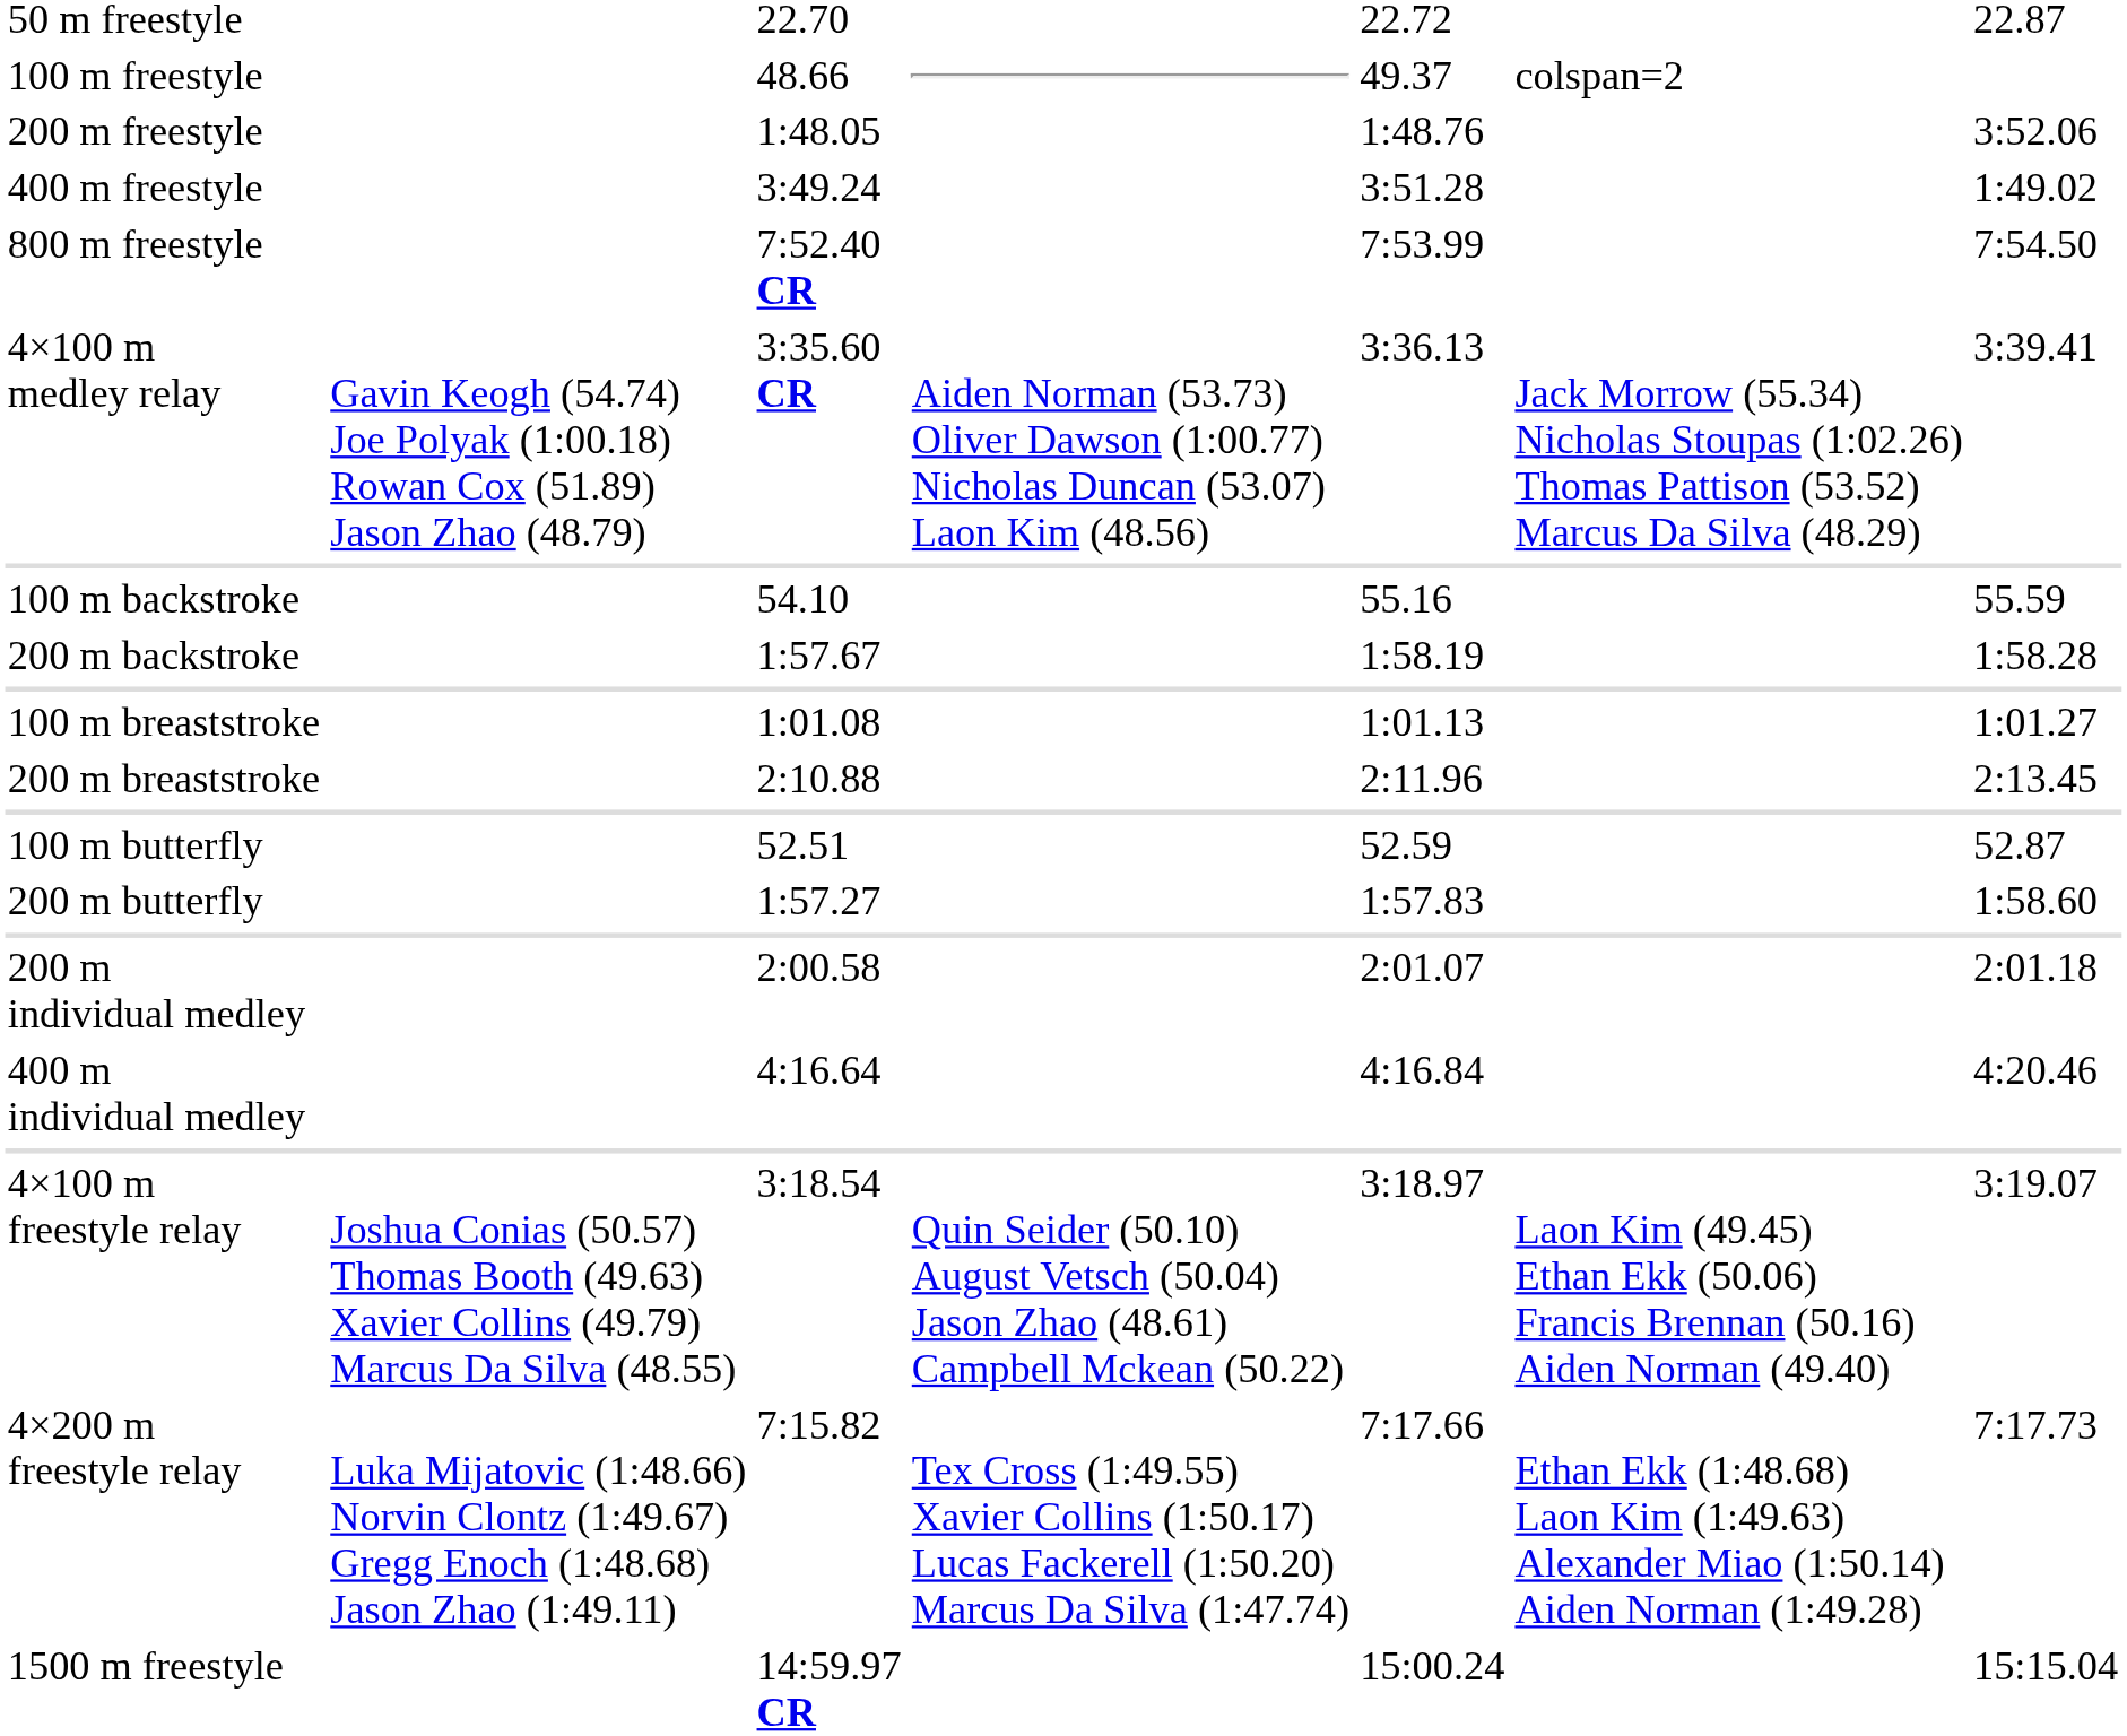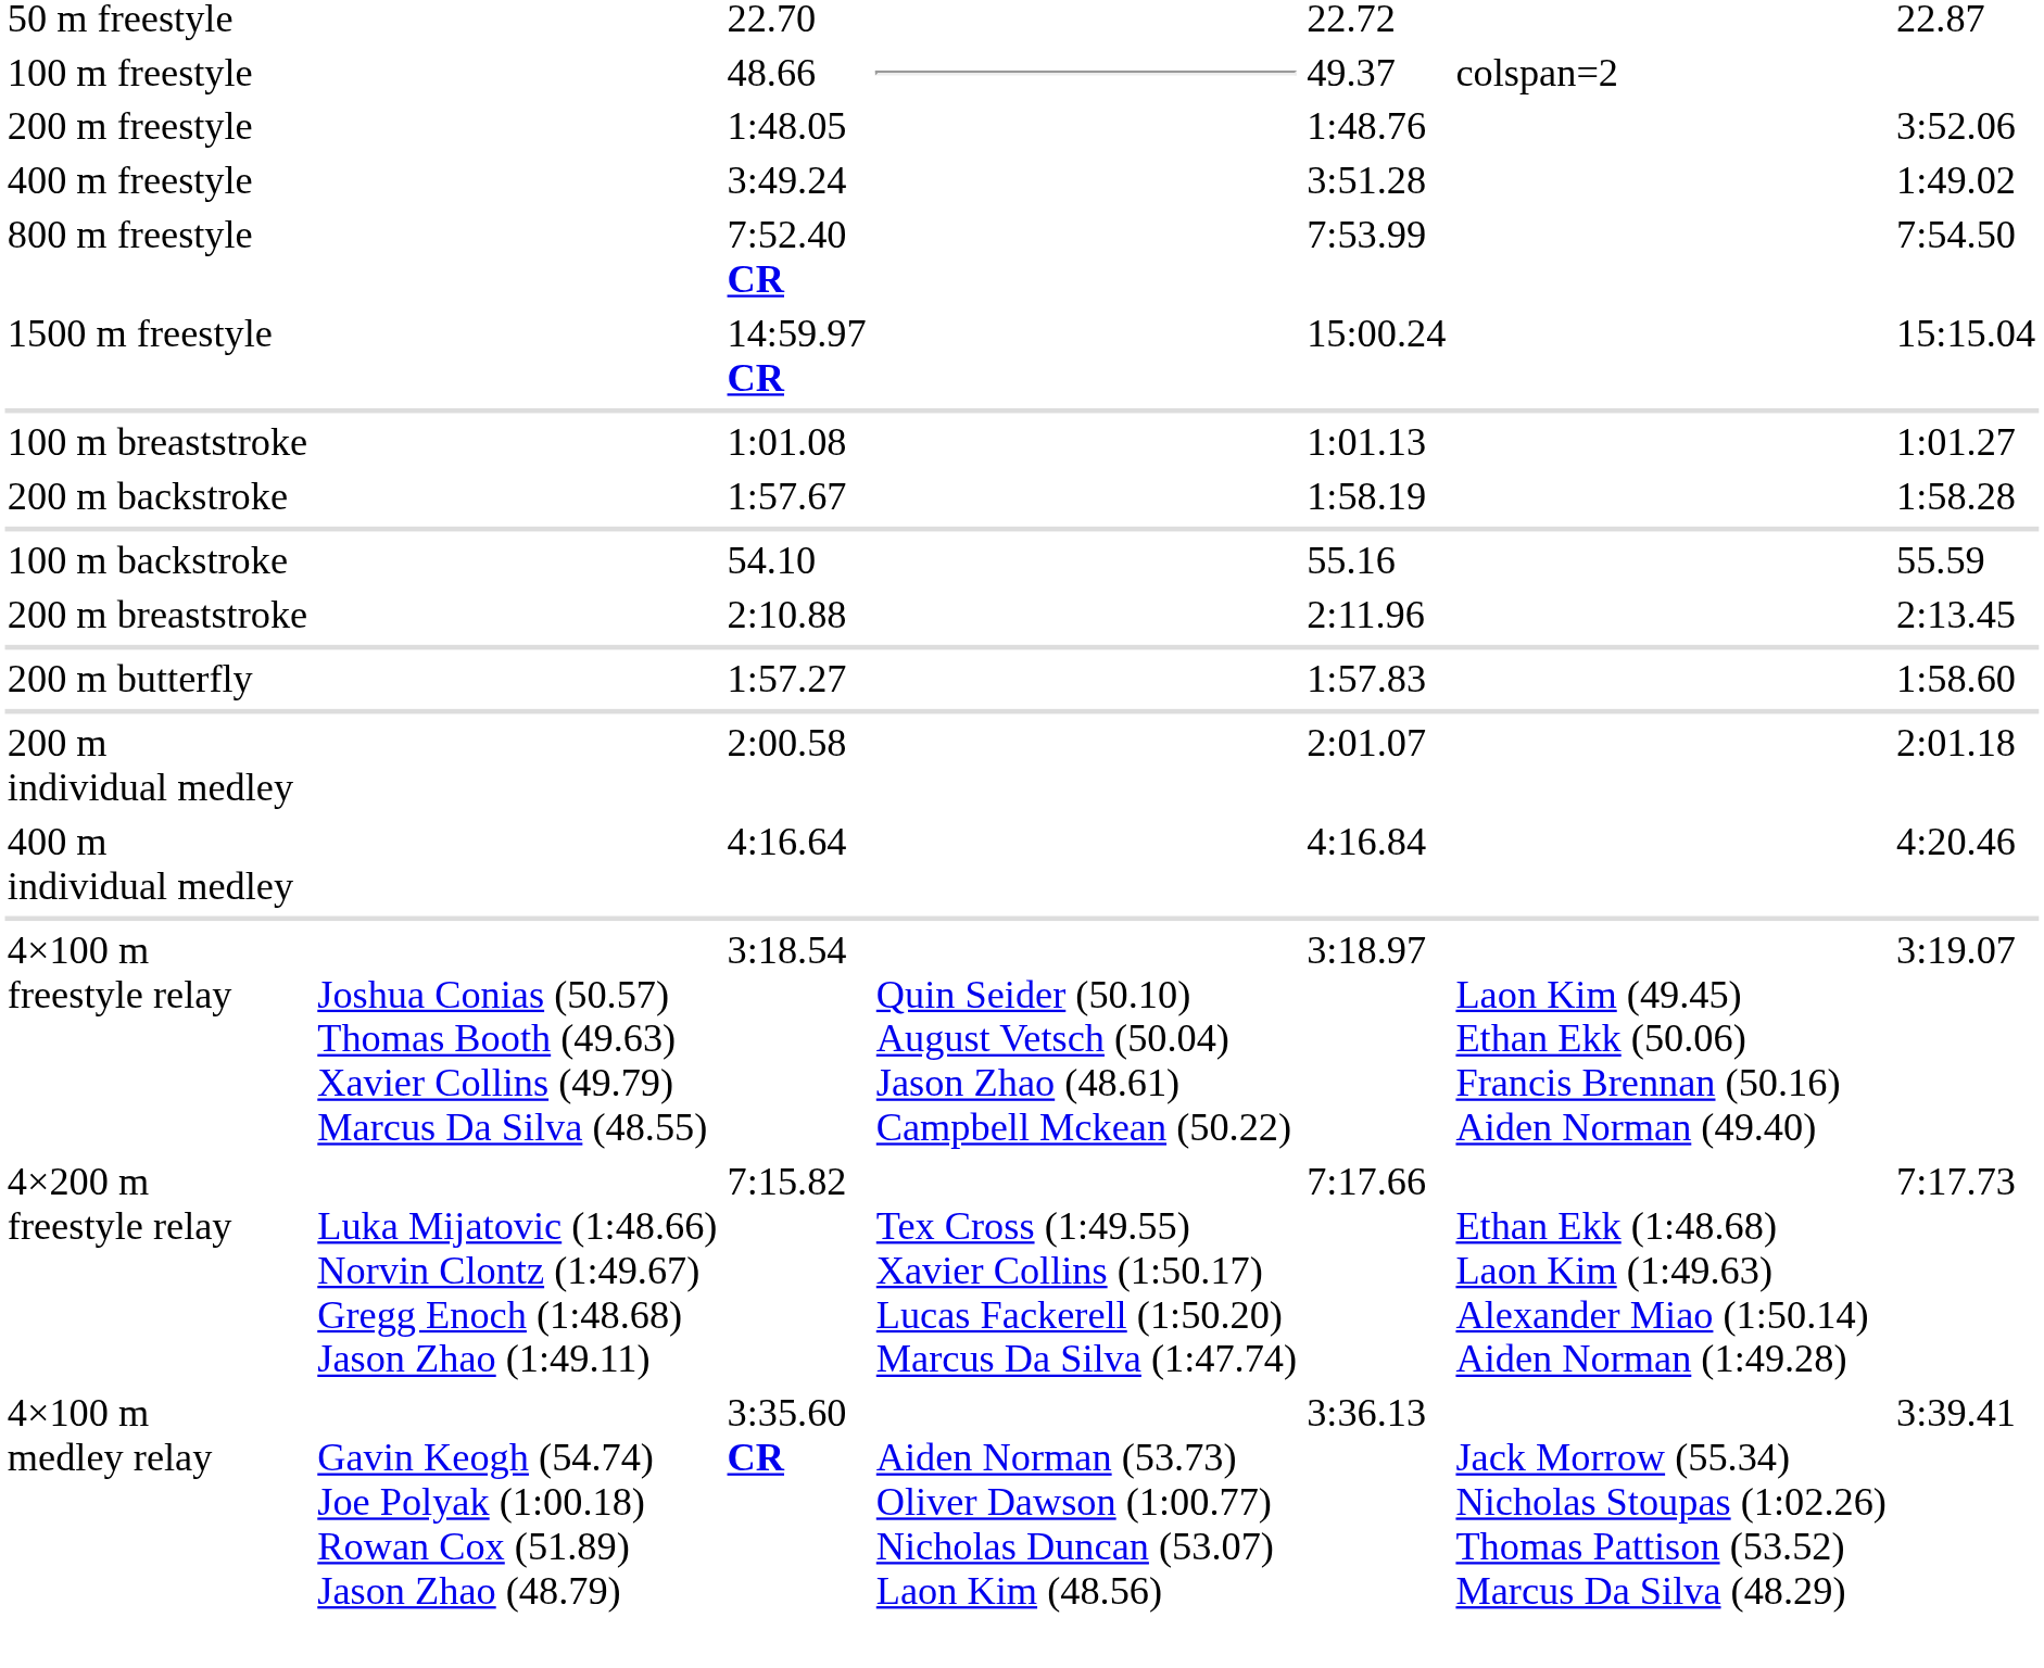 <table>
 <tr valign="top">
 <td>50 m freestyle</td>
 <td></td>
 <td>22.70</td>
 <td></td>
 <td>22.72</td>
 <td></td>
 <td>22.87</td>
 </tr>
 <tr valign="top">
 <td>100 m freestyle</td>
 <td></td>
 <td>48.66</td>
 <td><hr></td>
 <td>49.37</td>
 <td>colspan=2 </td>
 </tr>
 <tr valign="top">
 <td>200 m freestyle</td>
 <td></td>
 <td>1:48.05</td>
 <td></td>
 <td>1:48.76</td>
 <td></td>
 <td>3:52.06</td>
 </tr>
 <tr valign="top">
 <td>400 m freestyle</td>
 <td></td>
 <td>3:49.24</td>
 <td></td>
 <td>3:51.28</td>
 <td></td>
 <td>1:49.02</td>
 </tr>
 <tr valign="top">
 <td>800 m freestyle</td>
 <td></td>
 <td>7:52.40<br><strong><a href='#'>CR</a></strong></td>
 <td></td>
 <td>7:53.99</td>
 <td></td>
 <td>7:54.50</td>
 </tr>
 <tr valign="top">
-<td>4×100 m<br>medley relay</td>
-<td><br><a href='#'>Gavin Keogh</a> (54.74)<br><a href='#'>Joe Polyak</a> (1:00.18)<br><a href='#'>Rowan Cox</a> (51.89)<br><a href='#'>Jason Zhao</a> (48.79)</td>
-<td>3:35.60<br><strong><a href='#'>CR</a></strong></td>
-<td><br><a href='#'>Aiden Norman</a> (53.73)<br><a href='#'>Oliver Dawson</a> (1:00.77)<br><a href='#'>Nicholas Duncan</a> (53.07)<br><a href='#'>Laon Kim</a> (48.56)</td>
-<td>3:36.13</td>
-<td><br><a href='#'>Jack Morrow</a> (55.34)<br><a href='#'>Nicholas Stoupas</a> (1:02.26)<br><a href='#'>Thomas Pattison</a> (53.52)<br><a href='#'>Marcus Da Silva</a> (48.29)</td>
-<td>3:39.41</td>
+<td>1500 m freestyle</td>
+<td></td>
+<td>14:59.97<br><strong><a href='#'>CR</a></strong></td>
+<td></td>
+<td>15:00.24</td>
+<td></td>
+<td>15:15.04</td>
+</tr>
+<tr bgcolor=#DDDDDD>
+<td colspan=7></td>
+</tr>
+<tr valign="top">
+<td>100 m breaststroke</td>
+<td></td>
+<td>1:01.08</td>
+<td></td>
+<td>1:01.13</td>
+<td></td>
+<td>1:01.27</td>
+</tr>
+<tr valign="top">
+<td>200 m backstroke</td>
+<td></td>
+<td>1:57.67</td>
+<td></td>
+<td>1:58.19</td>
+<td></td>
+<td>1:58.28</td>
 </tr>
 <tr bgcolor=#DDDDDD>
 <td colspan=7></td>
 </tr>
 <tr valign="top">
 <td>100 m backstroke</td>
 <td></td>
 <td>54.10</td>
 <td></td>
 <td>55.16</td>
 <td></td>
 <td>55.59</td>
 </tr>
 <tr valign="top">
-<td>200 m backstroke</td>
-<td></td>
-<td>1:57.67</td>
-<td></td>
-<td>1:58.19</td>
-<td></td>
-<td>1:58.28</td>
-</tr>
-<tr bgcolor=#DDDDDD>
-<td colspan=7></td>
-</tr>
-<tr valign="top">
-<td>100 m breaststroke</td>
-<td></td>
-<td>1:01.08</td>
-<td></td>
-<td>1:01.13</td>
-<td></td>
-<td>1:01.27</td>
-</tr>
-<tr valign="top">
 <td>200 m breaststroke</td>
 <td></td>
 <td>2:10.88</td>
 <td></td>
 <td>2:11.96</td>
 <td></td>
 <td>2:13.45</td>
 </tr>
 <tr bgcolor=#DDDDDD>
 <td colspan=7></td>
-</tr>
-<tr valign="top">
-<td>100 m butterfly</td>
-<td></td>
-<td>52.51</td>
-<td></td>
-<td>52.59</td>
-<td></td>
-<td>52.87</td>
 </tr>
 <tr valign="top">
 <td>200 m butterfly</td>
 <td></td>
 <td>1:57.27</td>
 <td></td>
 <td>1:57.83</td>
 <td></td>
 <td>1:58.60</td>
 </tr>
 <tr bgcolor=#DDDDDD>
 <td colspan=7></td>
 </tr>
 <tr valign="top">
 <td>200 m<br>individual medley</td>
 <td></td>
 <td>2:00.58</td>
 <td></td>
 <td>2:01.07</td>
 <td></td>
 <td>2:01.18</td>
 </tr>
 <tr valign="top">
 <td>400 m<br>individual medley</td>
 <td></td>
 <td>4:16.64</td>
 <td></td>
 <td>4:16.84</td>
 <td></td>
 <td>4:20.46</td>
 </tr>
 <tr bgcolor=#DDDDDD>
 <td colspan=7></td>
 </tr>
 <tr valign="top">
 <td>4×100 m<br>freestyle relay</td>
 <td><br><a href='#'>Joshua Conias</a> (50.57)<br><a href='#'>Thomas Booth</a> (49.63)<br><a href='#'>Xavier Collins</a> (49.79)<br><a href='#'>Marcus Da Silva</a> (48.55)</td>
 <td>3:18.54</td>
 <td><br><a href='#'>Quin Seider</a> (50.10)<br><a href='#'>August Vetsch</a> (50.04)<br><a href='#'>Jason Zhao</a> (48.61)<br><a href='#'>Campbell Mckean</a> (50.22)</td>
 <td>3:18.97</td>
 <td><br><a href='#'>Laon Kim</a> (49.45)<br><a href='#'>Ethan Ekk</a> (50.06)<br><a href='#'>Francis Brennan</a> (50.16)<br><a href='#'>Aiden Norman</a> (49.40)</td>
 <td>3:19.07</td>
 </tr>
 <tr valign="top">
 <td>4×200 m<br>freestyle relay</td>
 <td><br><a href='#'>Luka Mijatovic</a> (1:48.66)<br><a href='#'>Norvin Clontz</a> (1:49.67)<br><a href='#'>Gregg Enoch</a> (1:48.68)<br><a href='#'>Jason Zhao</a> (1:49.11)</td>
 <td>7:15.82</td>
 <td><br><a href='#'>Tex Cross</a> (1:49.55)<br><a href='#'>Xavier Collins</a> (1:50.17)<br><a href='#'>Lucas Fackerell</a> (1:50.20)<br><a href='#'>Marcus Da Silva</a> (1:47.74)</td>
 <td>7:17.66</td>
 <td><br><a href='#'>Ethan Ekk</a> (1:48.68)<br><a href='#'>Laon Kim</a> (1:49.63)<br><a href='#'>Alexander Miao</a> (1:50.14)<br><a href='#'>Aiden Norman</a> (1:49.28)</td>
 <td>7:17.73</td>
 </tr>
 <tr valign="top">
-<td>1500 m freestyle</td>
-<td></td>
-<td>14:59.97<br><strong><a href='#'>CR</a></strong></td>
-<td></td>
-<td>15:00.24</td>
-<td></td>
-<td>15:15.04</td>
+<td>4×100 m<br>medley relay</td>
+<td><br><a href='#'>Gavin Keogh</a> (54.74)<br><a href='#'>Joe Polyak</a> (1:00.18)<br><a href='#'>Rowan Cox</a> (51.89)<br><a href='#'>Jason Zhao</a> (48.79)</td>
+<td>3:35.60<br><strong><a href='#'>CR</a></strong></td>
+<td><br><a href='#'>Aiden Norman</a> (53.73)<br><a href='#'>Oliver Dawson</a> (1:00.77)<br><a href='#'>Nicholas Duncan</a> (53.07)<br><a href='#'>Laon Kim</a> (48.56)</td>
+<td>3:36.13</td>
+<td><br><a href='#'>Jack Morrow</a> (55.34)<br><a href='#'>Nicholas Stoupas</a> (1:02.26)<br><a href='#'>Thomas Pattison</a> (53.52)<br><a href='#'>Marcus Da Silva</a> (48.29)</td>
+<td>3:39.41</td>
 </tr>
 </table>
